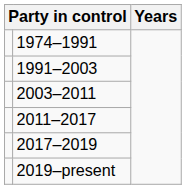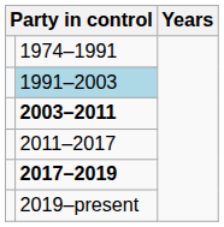 <table class="wikitable">
 <tr>
 <th colspan="2">Party in control</th>
 <th>Years</th>
 </tr>
 <tr>
 <td></td>
 <td>1974–1991</td>
 </tr>
 <tr>
 <td></td>
-<td>1991–2003</td>
+<td style="background: lightblue;">1991–2003</td>
 </tr>
 <tr>
 <td></td>
-<td>2003–2011</td>
+<td><strong>2003–2011</strong></td>
 </tr>
 <tr>
 <td></td>
 <td>2011–2017</td>
 </tr>
 <tr>
 <td></td>
-<td>2017–2019</td>
+<td><strong>2017–2019</strong></td>
 </tr>
 <tr>
 <td></td>
 <td>2019–present</td>
 </tr>
 </table>
